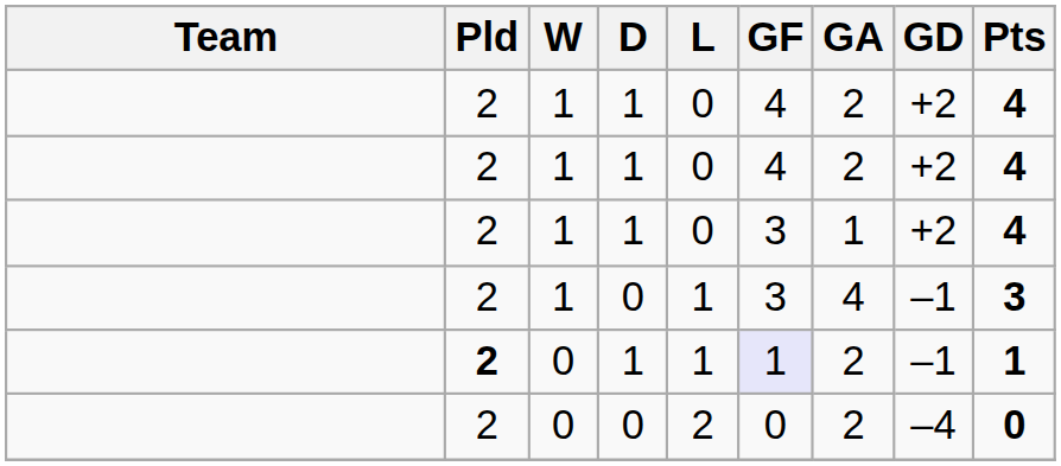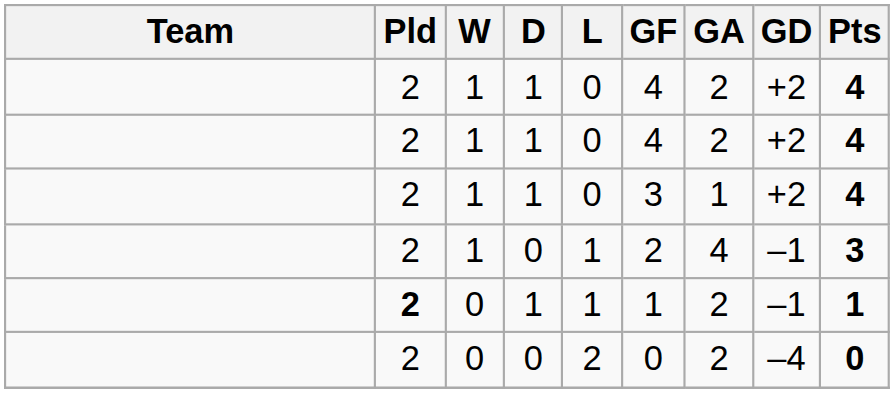 <table class="wikitable" style="text-align: center;">
 <tr>
 <th width=165>Team</th>
 <th width=20>Pld</th>
 <th width=20>W</th>
 <th width=20>D</th>
 <th width=20>L</th>
 <th width=20>GF</th>
 <th width=20>GA</th>
 <th width=20>GD</th>
 <th width=20>Pts</th>
 </tr>
 <tr>
 <td align=left></td>
 <td>2</td>
 <td>1</td>
 <td>1</td>
 <td>0</td>
 <td>4</td>
 <td>2</td>
 <td>+2</td>
 <td><strong>4</strong></td>
 </tr>
 <tr>
 <td align=left></td>
 <td>2</td>
 <td>1</td>
 <td>1</td>
 <td>0</td>
 <td>4</td>
 <td>2</td>
 <td>+2</td>
 <td><strong>4</strong></td>
 </tr>
 <tr>
 <td align=left></td>
 <td>2</td>
 <td>1</td>
 <td>1</td>
 <td>0</td>
 <td>3</td>
 <td>1</td>
 <td>+2</td>
 <td><strong>4</strong></td>
 </tr>
 <tr>
 <td align=left></td>
 <td>2</td>
 <td>1</td>
 <td>0</td>
 <td>1</td>
-<td>3</td>
+<td>2</td>
 <td>4</td>
 <td>–1</td>
 <td><strong>3</strong></td>
 </tr>
 <tr>
 <td align=left></td>
 <td><strong>2</strong></td>
 <td>0</td>
 <td>1</td>
 <td>1</td>
-<td style="background: lavender;">1</td>
+<td>1</td>
 <td>2</td>
 <td>–1</td>
 <td><strong>1</strong></td>
 </tr>
 <tr>
 <td align=left></td>
 <td>2</td>
 <td>0</td>
 <td>0</td>
 <td>2</td>
 <td>0</td>
 <td>2</td>
 <td>–4</td>
 <td><strong>0</strong></td>
 </tr>
 <tr>
 </tr>
 </table>
